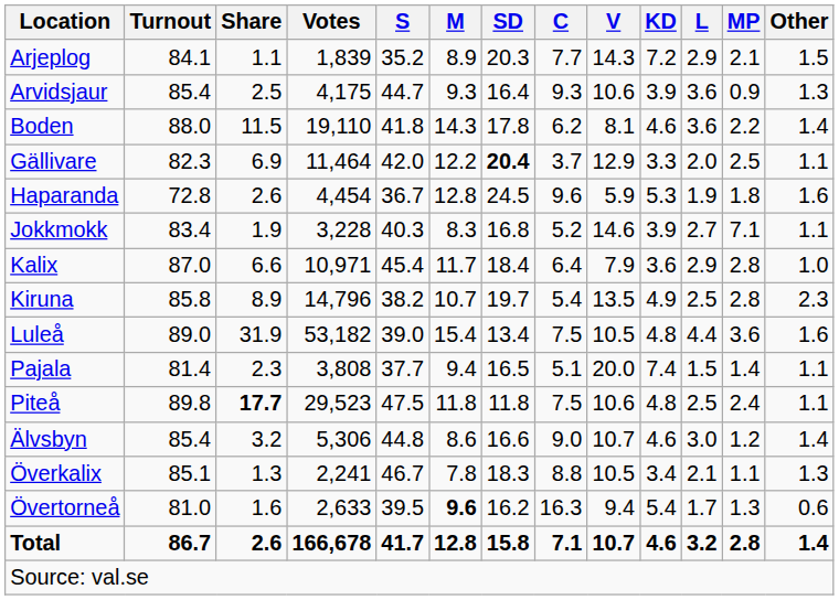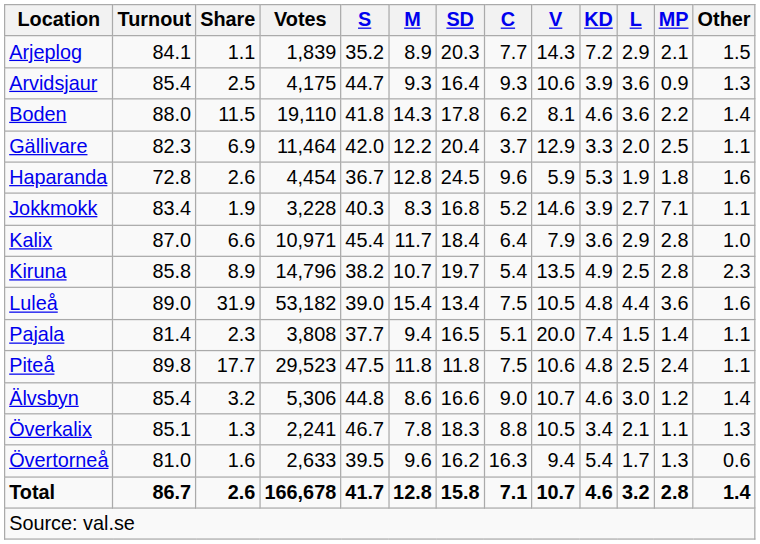 <table class="wikitable sortable" style=text-align:right>
 <tr>
 <th>Location</th>
 <th>Turnout</th>
 <th>Share</th>
 <th>Votes</th>
 <th><a href='#'>S</a></th>
 <th><a href='#'>M</a></th>
 <th><a href='#'>SD</a></th>
 <th><a href='#'>C</a></th>
 <th><a href='#'>V</a></th>
 <th><a href='#'>KD</a></th>
 <th><a href='#'>L</a></th>
 <th><a href='#'>MP</a></th>
 <th>Other</th>
 </tr>
 <tr>
 <td align=left><a href='#'>Arjeplog</a></td>
 <td>84.1</td>
 <td>1.1</td>
 <td>1,839</td>
 <td>35.2</td>
 <td>8.9</td>
 <td>20.3</td>
 <td>7.7</td>
 <td>14.3</td>
 <td>7.2</td>
 <td>2.9</td>
 <td>2.1</td>
 <td>1.5</td>
 </tr>
 <tr>
 <td align=left><a href='#'>Arvidsjaur</a></td>
 <td>85.4</td>
 <td>2.5</td>
 <td>4,175</td>
 <td>44.7</td>
 <td>9.3</td>
 <td>16.4</td>
 <td>9.3</td>
 <td>10.6</td>
 <td>3.9</td>
 <td>3.6</td>
 <td>0.9</td>
 <td>1.3</td>
 </tr>
 <tr>
 <td align=left><a href='#'>Boden</a></td>
 <td>88.0</td>
 <td>11.5</td>
 <td>19,110</td>
 <td>41.8</td>
 <td>14.3</td>
 <td>17.8</td>
 <td>6.2</td>
 <td>8.1</td>
 <td>4.6</td>
 <td>3.6</td>
 <td>2.2</td>
 <td>1.4</td>
 </tr>
 <tr>
 <td align=left><a href='#'>Gällivare</a></td>
 <td>82.3</td>
 <td>6.9</td>
 <td>11,464</td>
 <td>42.0</td>
 <td>12.2</td>
-<td><strong>20.4</strong></td>
+<td>20.4</td>
 <td>3.7</td>
 <td>12.9</td>
 <td>3.3</td>
 <td>2.0</td>
 <td>2.5</td>
 <td>1.1</td>
 </tr>
 <tr>
 <td align=left><a href='#'>Haparanda</a></td>
 <td>72.8</td>
 <td>2.6</td>
 <td>4,454</td>
 <td>36.7</td>
 <td>12.8</td>
 <td>24.5</td>
 <td>9.6</td>
 <td>5.9</td>
 <td>5.3</td>
 <td>1.9</td>
 <td>1.8</td>
 <td>1.6</td>
 </tr>
 <tr>
 <td align=left><a href='#'>Jokkmokk</a></td>
 <td>83.4</td>
 <td>1.9</td>
 <td>3,228</td>
 <td>40.3</td>
 <td>8.3</td>
 <td>16.8</td>
 <td>5.2</td>
 <td>14.6</td>
 <td>3.9</td>
 <td>2.7</td>
 <td>7.1</td>
 <td>1.1</td>
 </tr>
 <tr>
 <td align=left><a href='#'>Kalix</a></td>
 <td>87.0</td>
 <td>6.6</td>
 <td>10,971</td>
 <td>45.4</td>
 <td>11.7</td>
 <td>18.4</td>
 <td>6.4</td>
 <td>7.9</td>
 <td>3.6</td>
 <td>2.9</td>
 <td>2.8</td>
 <td>1.0</td>
 </tr>
 <tr>
 <td align=left><a href='#'>Kiruna</a></td>
 <td>85.8</td>
 <td>8.9</td>
 <td>14,796</td>
 <td>38.2</td>
 <td>10.7</td>
 <td>19.7</td>
 <td>5.4</td>
 <td>13.5</td>
 <td>4.9</td>
 <td>2.5</td>
 <td>2.8</td>
 <td>2.3</td>
 </tr>
 <tr>
 <td align=left><a href='#'>Luleå</a></td>
 <td>89.0</td>
 <td>31.9</td>
 <td>53,182</td>
 <td>39.0</td>
 <td>15.4</td>
 <td>13.4</td>
 <td>7.5</td>
 <td>10.5</td>
 <td>4.8</td>
 <td>4.4</td>
 <td>3.6</td>
 <td>1.6</td>
 </tr>
 <tr>
 <td align=left><a href='#'>Pajala</a></td>
 <td>81.4</td>
 <td>2.3</td>
 <td>3,808</td>
 <td>37.7</td>
 <td>9.4</td>
 <td>16.5</td>
 <td>5.1</td>
 <td>20.0</td>
 <td>7.4</td>
 <td>1.5</td>
 <td>1.4</td>
 <td>1.1</td>
 </tr>
 <tr>
 <td align=left><a href='#'>Piteå</a></td>
 <td>89.8</td>
-<td><strong>17.7</strong></td>
+<td>17.7</td>
 <td>29,523</td>
 <td>47.5</td>
 <td>11.8</td>
 <td>11.8</td>
 <td>7.5</td>
 <td>10.6</td>
 <td>4.8</td>
 <td>2.5</td>
 <td>2.4</td>
 <td>1.1</td>
 </tr>
 <tr>
 <td align=left><a href='#'>Älvsbyn</a></td>
 <td>85.4</td>
 <td>3.2</td>
 <td>5,306</td>
 <td>44.8</td>
 <td>8.6</td>
 <td>16.6</td>
 <td>9.0</td>
 <td>10.7</td>
 <td>4.6</td>
 <td>3.0</td>
 <td>1.2</td>
 <td>1.4</td>
 </tr>
 <tr>
 <td align=left><a href='#'>Överkalix</a></td>
 <td>85.1</td>
 <td>1.3</td>
 <td>2,241</td>
 <td>46.7</td>
 <td>7.8</td>
 <td>18.3</td>
 <td>8.8</td>
 <td>10.5</td>
 <td>3.4</td>
 <td>2.1</td>
 <td>1.1</td>
 <td>1.3</td>
 </tr>
 <tr>
 <td align=left><a href='#'>Övertorneå</a></td>
 <td>81.0</td>
 <td>1.6</td>
 <td>2,633</td>
 <td>39.5</td>
-<td><strong>9.6</strong></td>
+<td>9.6</td>
 <td>16.2</td>
 <td>16.3</td>
 <td>9.4</td>
 <td>5.4</td>
 <td>1.7</td>
 <td>1.3</td>
 <td>0.6</td>
 </tr>
 <tr>
 <td align=left><strong>Total</strong></td>
 <td><strong>86.7</strong></td>
 <td><strong>2.6</strong></td>
 <td><strong>166,678</strong></td>
 <td><strong>41.7</strong></td>
 <td><strong>12.8</strong></td>
 <td><strong>15.8</strong></td>
 <td><strong>7.1</strong></td>
 <td><strong>10.7</strong></td>
 <td><strong>4.6</strong></td>
 <td><strong>3.2</strong></td>
 <td><strong>2.8</strong></td>
 <td><strong>1.4</strong></td>
 </tr>
 <tr>
 <td align=left colspan=13>Source: val.se</td>
 </tr>
 </table>
